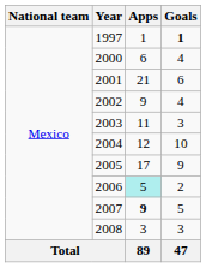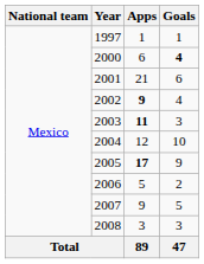 <table class="wikitable" style="text-align: center;">
 <tr>
 <th>National team</th>
 <th>Year</th>
 <th>Apps</th>
 <th>Goals</th>
 </tr>
 <tr>
 <td rowspan="10"><a href='#'>Mexico</a></td>
 <td>1997</td>
 <td>1</td>
-<td><strong>1</strong></td>
+<td>1</td>
 </tr>
 <tr>
 <td>2000</td>
 <td>6</td>
-<td>4</td>
+<td><strong>4</strong></td>
 </tr>
 <tr>
 <td>2001</td>
 <td>21</td>
 <td>6</td>
 </tr>
 <tr>
 <td>2002</td>
-<td>9</td>
+<td><strong>9</strong></td>
 <td>4</td>
 </tr>
 <tr>
 <td>2003</td>
-<td>11</td>
+<td><strong>11</strong></td>
 <td>3</td>
 </tr>
 <tr>
 <td>2004</td>
 <td>12</td>
 <td>10</td>
 </tr>
 <tr>
 <td>2005</td>
-<td>17</td>
+<td><strong>17</strong></td>
 <td>9</td>
 </tr>
 <tr>
 <td>2006</td>
-<td style="background: paleturquoise;">5</td>
+<td>5</td>
 <td>2</td>
 </tr>
 <tr>
 <td>2007</td>
-<td><strong>9</strong></td>
+<td>9</td>
 <td>5</td>
 </tr>
 <tr>
 <td>2008</td>
 <td>3</td>
 <td>3</td>
 </tr>
 <tr>
 <th colspan="2">Total</th>
 <th>89</th>
 <th>47</th>
 </tr>
 </table>
